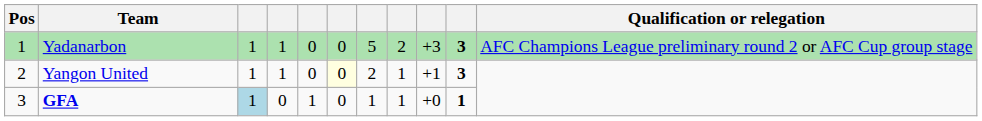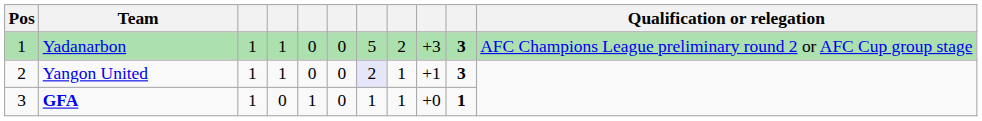 <table class="wikitable" style="text-align: center;">
 <tr>
 <th width="20">Pos</th>
 <th width="175">Team</th>
 <th width="20"></th>
 <th width="20"></th>
 <th width="20"></th>
 <th width="20"></th>
 <th width="20"></th>
 <th width="20"></th>
 <th width="20"></th>
 <th width="20"></th>
 <th>Qualification or relegation</th>
 </tr>
 <tr style="background:#ACE1AF">
 <td>1</td>
 <td align=left><a href='#'>Yadanarbon</a></td>
 <td>1</td>
 <td>1</td>
 <td>0</td>
 <td>0</td>
 <td>5</td>
 <td>2</td>
 <td>+3</td>
 <td><strong>3</strong></td>
 <td rowspan=1><a href='#'>AFC Champions League preliminary round 2</a> or <a href='#'>AFC Cup group stage</a></td>
 </tr>
 <tr>
 <td>2</td>
 <td align=left><a href='#'>Yangon United</a></td>
 <td>1</td>
 <td>1</td>
 <td>0</td>
-<td style="background: lightyellow;">0</td>
-<td>2</td>
+<td>0</td>
+<td style="background: lavender;">2</td>
 <td>1</td>
 <td>+1</td>
 <td><strong>3</strong></td>
 </tr>
 <tr>
 <td>3</td>
 <td align=left><strong><a href='#'>GFA</a></strong></td>
-<td style="background: lightblue;">1</td>
+<td>1</td>
 <td>0</td>
 <td>1</td>
 <td>0</td>
 <td>1</td>
 <td>1</td>
 <td>+0</td>
 <td><strong>1</strong></td>
 </tr>
 </table>
